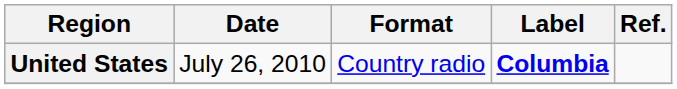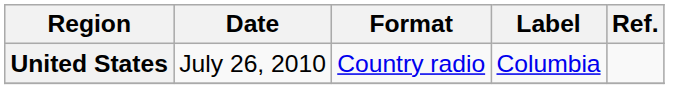 <table class="wikitable plainrowheaders">
 <tr>
 <th scope="col">Region</th>
 <th scope="col">Date</th>
 <th scope="col">Format</th>
 <th scope="col">Label</th>
 <th scope="col">Ref.</th>
 </tr>
 <tr>
 <th scope="row">United States</th>
 <td>July 26, 2010</td>
 <td><a href='#'>Country radio</a></td>
-<td><strong><a href='#'>Columbia</a></strong></td>
+<td><a href='#'>Columbia</a></td>
 <td></td>
 </tr>
 <tr>
 </tr>
 </table>
